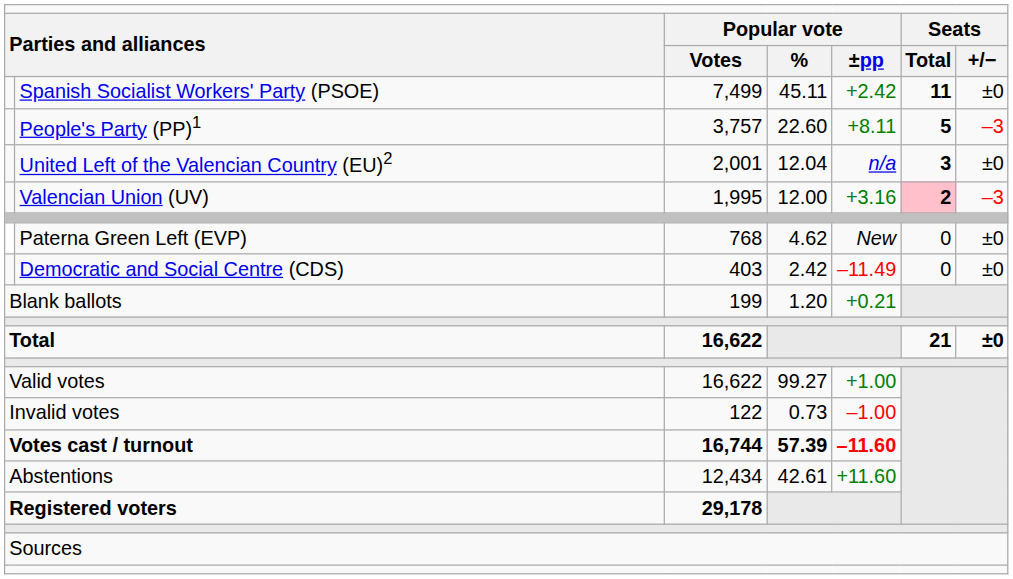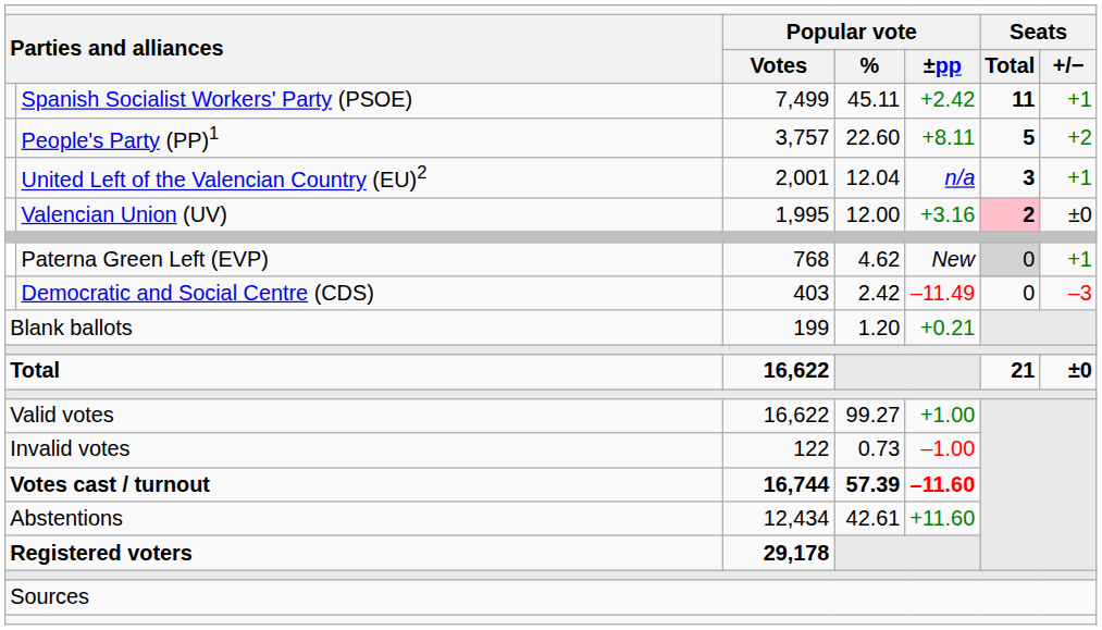 <table class="wikitable" style="text-align:right;">
 <tr>
 <td colspan="7"></td>
 </tr>
 <tr>
 <th style="text-align:left;" rowspan="2" colspan="2" width="525">Parties and alliances</th>
 <th colspan="3">Popular vote</th>
 <th colspan="2">Seats</th>
 </tr>
 <tr>
 <th width="75">Votes</th>
 <th width="45">%</th>
 <th width="45">±<a href='#'>pp</a></th>
 <th width="35">Total</th>
 <th width="35">+/−</th>
 </tr>
 <tr>
 <td width="1" style="color:inherit;background:"></td>
 <td align="left"><a href='#'>Spanish Socialist Workers' Party</a> (PSOE)</td>
 <td>7,499</td>
 <td>45.11</td>
 <td style="color:green;">+2.42</td>
 <td><strong>11</strong></td>
-<td>±0</td>
+<td style="color:green;">+1</td>
 </tr>
 <tr>
 <td style="color:inherit;background:"></td>
 <td align="left"><a href='#'>People's Party</a> (PP)<sup>1</sup></td>
 <td>3,757</td>
 <td>22.60</td>
 <td style="color:green;">+8.11</td>
 <td><strong>5</strong></td>
-<td style="color:red;">–3</td>
+<td style="color:green;">+2</td>
 </tr>
 <tr>
 <td style="color:inherit;background:"></td>
 <td align="left"><a href='#'>United Left of the Valencian Country</a> (EU)<sup>2</sup></td>
 <td>2,001</td>
 <td>12.04</td>
 <td><em><a href='#'>n/a</a></em></td>
 <td><strong>3</strong></td>
-<td>±0</td>
+<td style="color:green;">+1</td>
 </tr>
 <tr>
 <td style="color:inherit;background:"></td>
 <td align="left"><a href='#'>Valencian Union</a> (UV)</td>
 <td>1,995</td>
 <td>12.00</td>
 <td style="color:green;">+3.16</td>
 <td style="background: pink;"><strong>2</strong></td>
-<td style="color:red;">–3</td>
+<td>±0</td>
 </tr>
 <tr>
 <td colspan="7" bgcolor="#C0C0C0"></td>
 </tr>
 <tr>
 <td bgcolor="white"></td>
 <td align="left">Paterna Green Left (EVP)</td>
 <td>768</td>
 <td>4.62</td>
 <td><em>New</em></td>
-<td>0</td>
-<td>±0</td>
+<td style="background: lightgrey;">0</td>
+<td style="color:green;">+1</td>
 </tr>
 <tr>
 <td style="color:inherit;background:"></td>
 <td align="left"><a href='#'>Democratic and Social Centre</a> (CDS)</td>
 <td>403</td>
 <td>2.42</td>
 <td style="color:red;">–11.49</td>
 <td>0</td>
-<td>±0</td>
+<td style="color:red;">–3</td>
 </tr>
 <tr>
 <td align="left" colspan="2">Blank ballots</td>
 <td>199</td>
 <td>1.20</td>
 <td style="color:green;">+0.21</td>
 <td bgcolor="#E9E9E9" colspan="2"></td>
 </tr>
 <tr>
 <td colspan="7" bgcolor="#E9E9E9"></td>
 </tr>
 <tr style="font-weight:bold;">
 <td align="left" colspan="2">Total</td>
 <td>16,622</td>
 <td bgcolor="#E9E9E9" colspan="2"></td>
 <td>21</td>
 <td>±0</td>
 </tr>
 <tr>
 <td colspan="7" bgcolor="#E9E9E9"></td>
 </tr>
 <tr>
 <td align="left" colspan="2">Valid votes</td>
 <td>16,622</td>
 <td>99.27</td>
 <td style="color:green;">+1.00</td>
 <td bgcolor="#E9E9E9" colspan="2" rowspan="5"></td>
 </tr>
 <tr>
 <td align="left" colspan="2">Invalid votes</td>
 <td>122</td>
 <td>0.73</td>
 <td style="color:red;">–1.00</td>
 </tr>
 <tr style="font-weight:bold;">
 <td align="left" colspan="2">Votes cast / turnout</td>
 <td>16,744</td>
 <td>57.39</td>
 <td style="color:red;">–11.60</td>
 </tr>
 <tr>
 <td align="left" colspan="2">Abstentions</td>
 <td>12,434</td>
 <td>42.61</td>
 <td style="color:green;">+11.60</td>
 </tr>
 <tr style="font-weight:bold;">
 <td align="left" colspan="2">Registered voters</td>
 <td>29,178</td>
 <td bgcolor="#E9E9E9" colspan="2"></td>
 </tr>
 <tr>
 <td colspan="7" bgcolor="#E9E9E9"></td>
 </tr>
 <tr>
 <td align="left" colspan="7">Sources</td>
 </tr>
 <tr>
 <td colspan="7" style="text-align:left; max-width:790px;"></td>
 </tr>
 </table>
